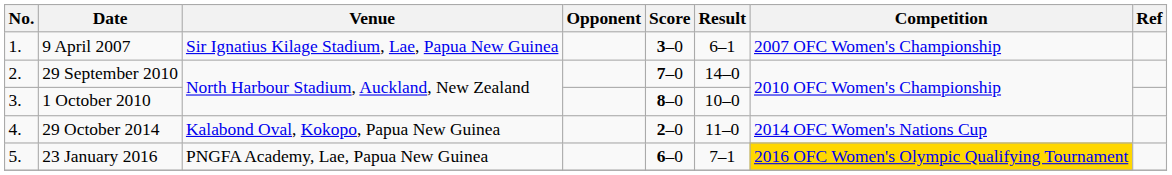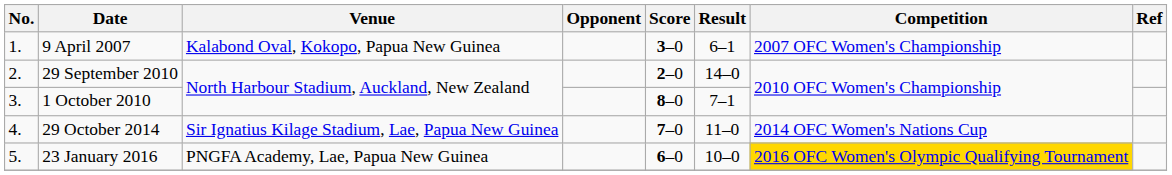 <table class="wikitable">
 <tr>
 <th>No.</th>
 <th>Date</th>
 <th>Venue</th>
 <th>Opponent</th>
 <th>Score</th>
 <th>Result</th>
 <th>Competition</th>
 <th>Ref</th>
 </tr>
 <tr>
 <td>1.</td>
 <td>9 April 2007</td>
-<td><a href='#'>Sir Ignatius Kilage Stadium</a>, <a href='#'>Lae</a>, <a href='#'>Papua New Guinea</a></td>
+<td><a href='#'>Kalabond Oval</a>, <a href='#'>Kokopo</a>, Papua New Guinea</td>
 <td></td>
 <td align=center><strong>3</strong>–0</td>
 <td align=center>6–1</td>
 <td><a href='#'>2007 OFC Women's Championship</a></td>
 <td align=center></td>
 </tr>
 <tr>
 <td>2.</td>
 <td>29 September 2010</td>
 <td rowspan=2><a href='#'>North Harbour Stadium</a>, <a href='#'>Auckland</a>, New Zealand</td>
 <td></td>
-<td align=center><strong>7</strong>–0</td>
+<td align=center><strong>2</strong>–0</td>
 <td align=center>14–0</td>
 <td rowspan=2><a href='#'>2010 OFC Women's Championship</a></td>
 <td align=center></td>
 </tr>
 <tr>
 <td>3.</td>
 <td>1 October 2010</td>
 <td></td>
 <td align=center><strong>8</strong>–0</td>
-<td align=center>10–0</td>
+<td align=center>7–1</td>
 <td align=center></td>
 </tr>
 <tr>
 <td>4.</td>
 <td>29 October 2014</td>
-<td><a href='#'>Kalabond Oval</a>, <a href='#'>Kokopo</a>, Papua New Guinea</td>
+<td><a href='#'>Sir Ignatius Kilage Stadium</a>, <a href='#'>Lae</a>, <a href='#'>Papua New Guinea</a></td>
 <td></td>
-<td align=center><strong>2</strong>–0</td>
+<td align=center><strong>7</strong>–0</td>
 <td align=center>11–0</td>
 <td><a href='#'>2014 OFC Women's Nations Cup</a></td>
 <td align=center></td>
 </tr>
 <tr>
 <td>5.</td>
 <td>23 January 2016</td>
 <td>PNGFA Academy, Lae, Papua New Guinea</td>
 <td></td>
 <td align=center><strong>6</strong>–0</td>
-<td align=center>7–1</td>
+<td align=center>10–0</td>
 <td style="background: gold;"><a href='#'>2016 OFC Women's Olympic Qualifying Tournament</a></td>
 <td align=center></td>
 </tr>
 <tr>
 </tr>
 </table>
